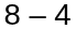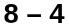 <table style="text-align:center">
 <tr>
 <th width=200></th>
 <th width=100></th>
 <th width=200></th>
 </tr>
 <tr>
 <td align=right><strong></strong></td>
-<td>8 – 4</td>
+<td><strong>8 – 4</strong></td>
 <td align=left></td>
 </tr>
 </table>
